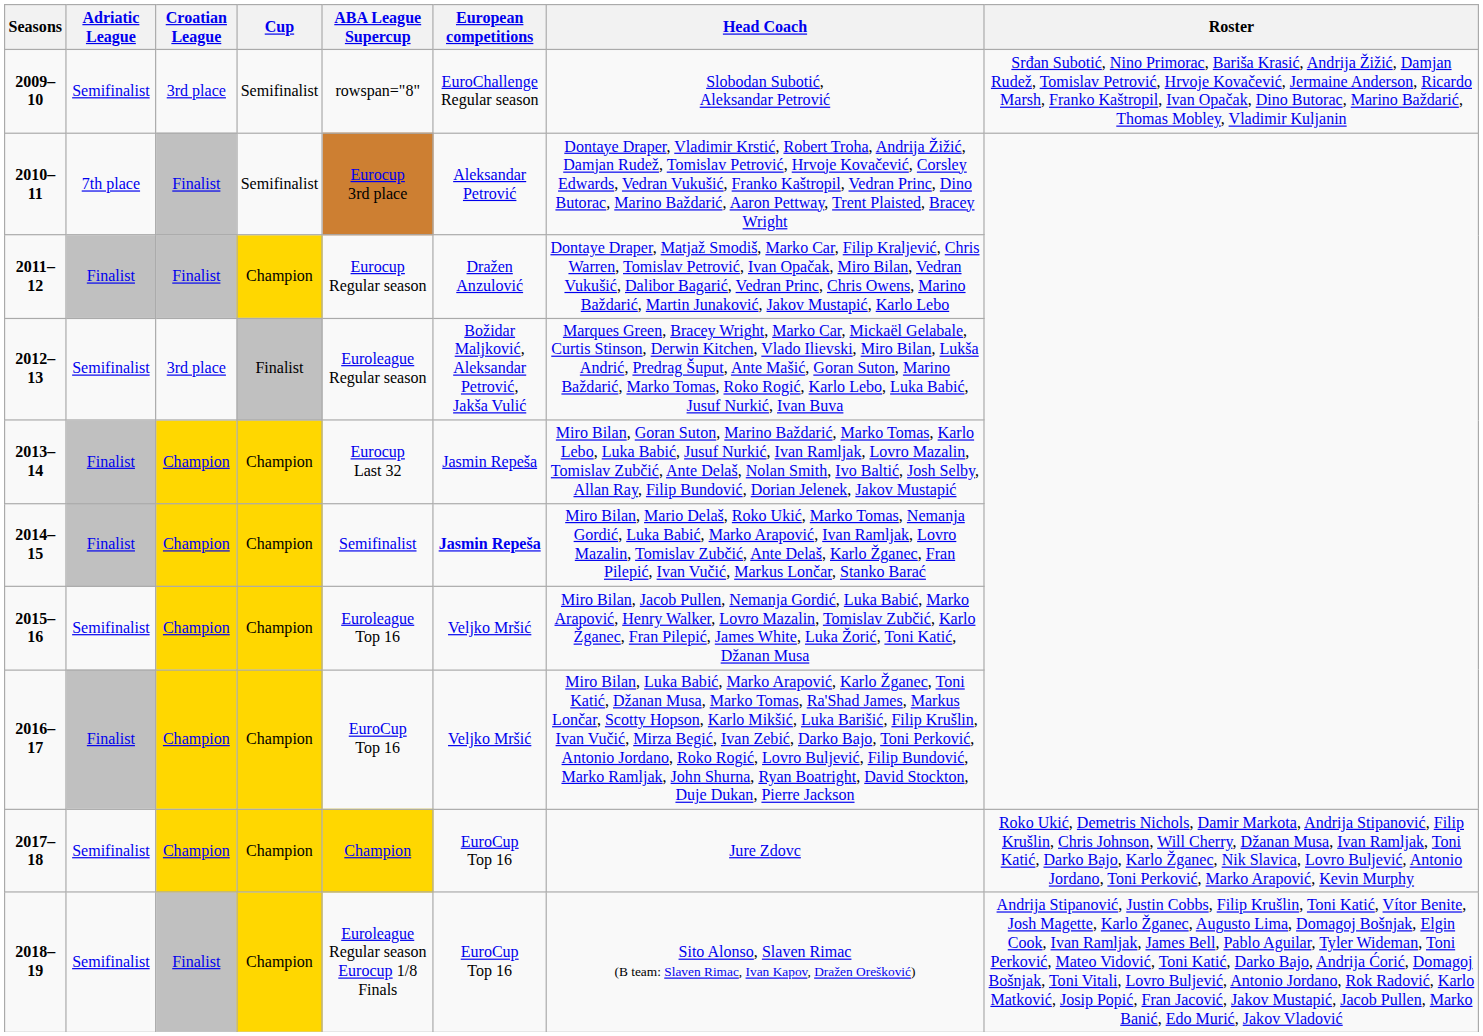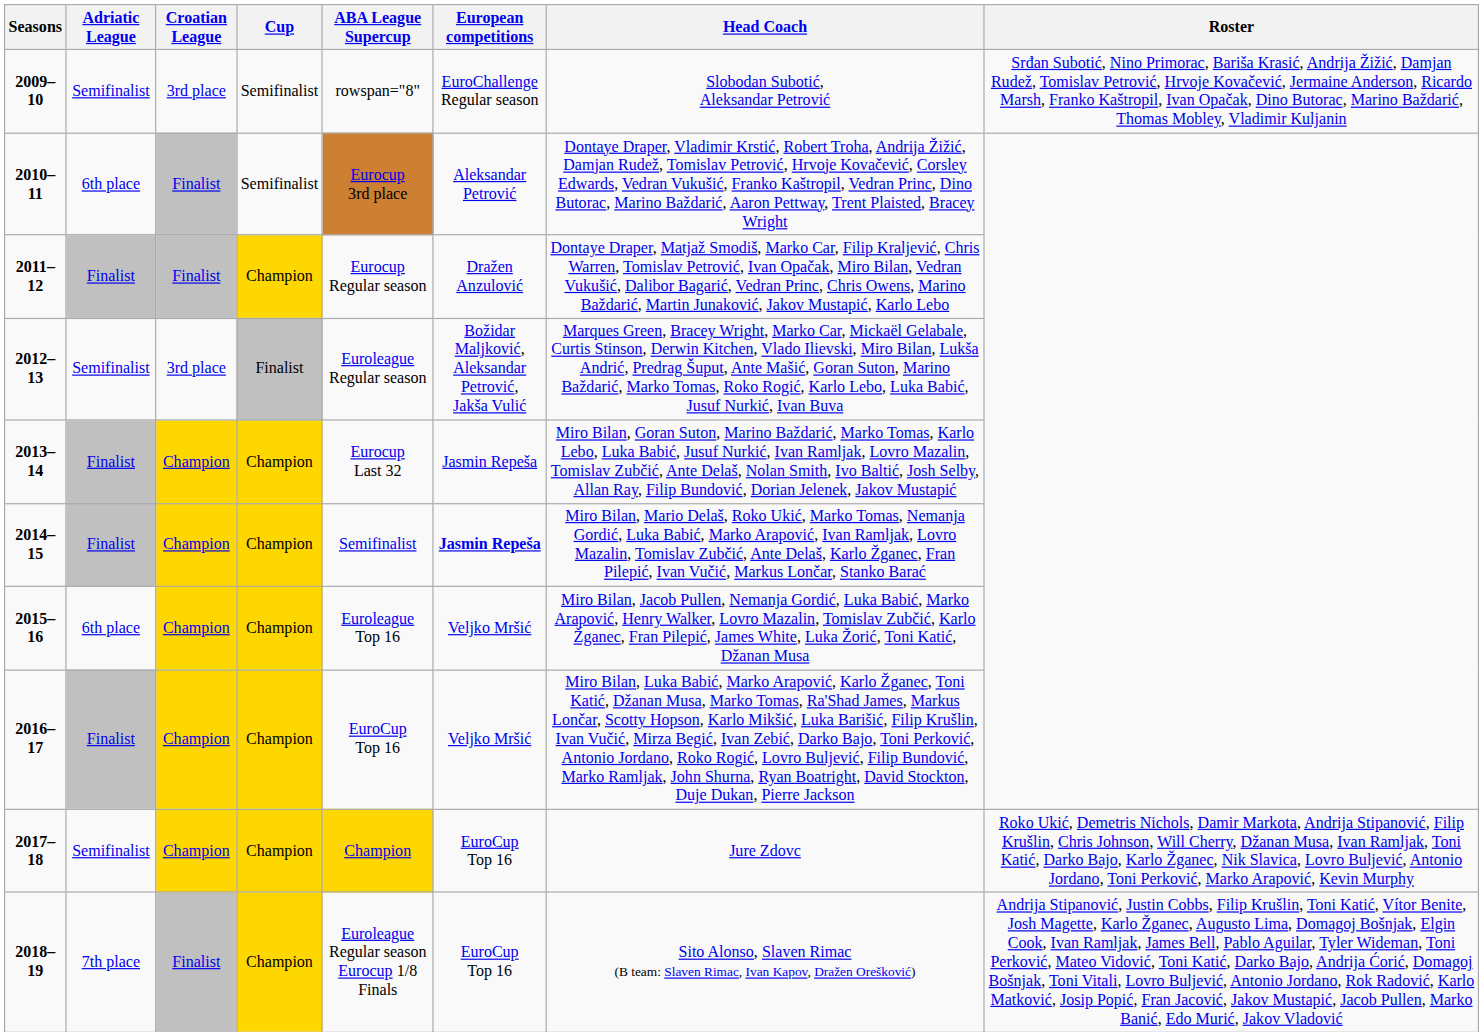 <table class="wikitable" style="text-align: center; font-size:85%">
 <tr>
 <th>Seasons</th>
 <th><a href='#'>Adriatic League</a></th>
 <th><a href='#'>Croatian League</a></th>
 <th><a href='#'>Cup</a></th>
 <th><a href='#'>ABA League Supercup</a></th>
 <th><a href='#'>European competitions</a></th>
 <th><a href='#'>Head Coach</a></th>
 <th>Roster</th>
 </tr>
 <tr>
 <td><strong>2009–10</strong></td>
 <td bgcolor=><a href='#'>Semifinalist</a></td>
 <td><a href='#'>3rd place</a></td>
 <td>Semifinalist</td>
 <td>rowspan="8"</td>
 <td><a href='#'>EuroChallenge</a><br>Regular season</td>
 <td><a href='#'>Slobodan Subotić</a>,<br><a href='#'>Aleksandar Petrović</a></td>
 <td><a href='#'>Srđan Subotić</a>, <a href='#'>Nino Primorac</a>, <a href='#'>Bariša Krasić</a>, <a href='#'>Andrija Žižić</a>, <a href='#'>Damjan Rudež</a>, <a href='#'>Tomislav Petrović</a>, <a href='#'>Hrvoje Kovačević</a>, <a href='#'>Jermaine Anderson</a>, <a href='#'>Ricardo Marsh</a>, <a href='#'>Franko Kaštropil</a>, <a href='#'>Ivan Opačak</a>, <a href='#'>Dino Butorac</a>, <a href='#'>Marino Baždarić</a>, <a href='#'>Thomas Mobley</a>, <a href='#'>Vladimir Kuljanin</a></td>
 </tr>
 <tr>
 <td><strong>2010–11</strong></td>
-<td><a href='#'>7th place</a></td>
+<td><a href='#'>6th place</a></td>
 <td bgcolor= silver><a href='#'>Finalist</a></td>
 <td>Semifinalist</td>
 <td bgcolor= #CD7F32><a href='#'>Eurocup</a><br>3rd place</td>
 <td><a href='#'>Aleksandar Petrović</a></td>
 <td><a href='#'>Dontaye Draper</a>, <a href='#'>Vladimir Krstić</a>, <a href='#'>Robert Troha</a>, <a href='#'>Andrija Žižić</a>, <a href='#'>Damjan Rudež</a>, <a href='#'>Tomislav Petrović</a>, <a href='#'>Hrvoje Kovačević</a>, <a href='#'>Corsley Edwards</a>, <a href='#'>Vedran Vukušić</a>, <a href='#'>Franko Kaštropil</a>, <a href='#'>Vedran Princ</a>, <a href='#'>Dino Butorac</a>, <a href='#'>Marino Baždarić</a>, <a href='#'>Aaron Pettway</a>, <a href='#'>Trent Plaisted</a>, <a href='#'>Bracey Wright</a></td>
 </tr>
 <tr>
 <td><strong>2011–12</strong></td>
 <td bgcolor= silver><a href='#'>Finalist</a></td>
 <td bgcolor= silver><a href='#'>Finalist</a></td>
 <td bgcolor= gold>Champion</td>
 <td><a href='#'>Eurocup</a><br>Regular season</td>
 <td><a href='#'>Dražen Anzulović</a></td>
 <td><a href='#'>Dontaye Draper</a>, <a href='#'>Matjaž Smodiš</a>, <a href='#'>Marko Car</a>, <a href='#'>Filip Kraljević</a>, <a href='#'>Chris Warren</a>, <a href='#'>Tomislav Petrović</a>, <a href='#'>Ivan Opačak</a>, <a href='#'>Miro Bilan</a>, <a href='#'>Vedran Vukušić</a>, <a href='#'>Dalibor Bagarić</a>, <a href='#'>Vedran Princ</a>, <a href='#'>Chris Owens</a>, <a href='#'>Marino Baždarić</a>, <a href='#'>Martin Junaković</a>, <a href='#'>Jakov Mustapić</a>, <a href='#'>Karlo Lebo</a></td>
 </tr>
 <tr>
 <td><strong>2012–13</strong></td>
 <td bgcolor=><a href='#'>Semifinalist</a></td>
 <td><a href='#'>3rd place</a></td>
 <td bgcolor= silver>Finalist</td>
 <td><a href='#'>Euroleague</a><br>Regular season</td>
 <td><a href='#'>Božidar Maljković</a>,<br><a href='#'>Aleksandar Petrović</a>,<br><a href='#'>Jakša Vulić</a></td>
 <td><a href='#'>Marques Green</a>, <a href='#'>Bracey Wright</a>, <a href='#'>Marko Car</a>, <a href='#'>Mickaël Gelabale</a>, <a href='#'>Curtis Stinson</a>, <a href='#'>Derwin Kitchen</a>, <a href='#'>Vlado Ilievski</a>, <a href='#'>Miro Bilan</a>, <a href='#'>Lukša Andrić</a>, <a href='#'>Predrag Šuput</a>, <a href='#'>Ante Mašić</a>, <a href='#'>Goran Suton</a>, <a href='#'>Marino Baždarić</a>, <a href='#'>Marko Tomas</a>, <a href='#'>Roko Rogić</a>, <a href='#'>Karlo Lebo</a>, <a href='#'>Luka Babić</a>, <a href='#'>Jusuf Nurkić</a>, <a href='#'>Ivan Buva</a></td>
 </tr>
 <tr>
 <td><strong>2013–14</strong></td>
 <td bgcolor= silver><a href='#'>Finalist</a></td>
 <td bgcolor= gold><a href='#'>Champion</a></td>
 <td bgcolor= gold>Champion</td>
 <td><a href='#'>Eurocup</a><br>Last 32</td>
 <td><a href='#'>Jasmin Repeša</a></td>
 <td><a href='#'>Miro Bilan</a>, <a href='#'>Goran Suton</a>, <a href='#'>Marino Baždarić</a>, <a href='#'>Marko Tomas</a>, <a href='#'>Karlo Lebo</a>, <a href='#'>Luka Babić</a>, <a href='#'>Jusuf Nurkić</a>, <a href='#'>Ivan Ramljak</a>, <a href='#'>Lovro Mazalin</a>, <a href='#'>Tomislav Zubčić</a>, <a href='#'>Ante Delaš</a>, <a href='#'>Nolan Smith</a>, <a href='#'>Ivo Baltić</a>, <a href='#'>Josh Selby</a>, <a href='#'>Allan Ray</a>, <a href='#'>Filip Bundović</a>, <a href='#'>Dorian Jelenek</a>, <a href='#'>Jakov Mustapić</a></td>
 </tr>
 <tr>
 <td><strong>2014–15</strong></td>
 <td bgcolor= silver><a href='#'>Finalist</a></td>
 <td bgcolor= gold><a href='#'>Champion</a></td>
 <td bgcolor= gold>Champion</td>
 <td bgcolor=><a href='#'>Semifinalist</a></td>
 <td><strong><a href='#'>Jasmin Repeša</a></strong></td>
 <td><a href='#'>Miro Bilan</a>, <a href='#'>Mario Delaš</a>, <a href='#'>Roko Ukić</a>, <a href='#'>Marko Tomas</a>, <a href='#'>Nemanja Gordić</a>, <a href='#'>Luka Babić</a>, <a href='#'>Marko Arapović</a>, <a href='#'>Ivan Ramljak</a>, <a href='#'>Lovro Mazalin</a>, <a href='#'>Tomislav Zubčić</a>, <a href='#'>Ante Delaš</a>, <a href='#'>Karlo Žganec</a>, <a href='#'>Fran Pilepić</a>, <a href='#'>Ivan Vučić</a>, <a href='#'>Markus Lončar</a>, <a href='#'>Stanko Barać</a></td>
 </tr>
 <tr>
 <td><strong>2015–16</strong></td>
-<td><a href='#'>Semifinalist</a></td>
+<td><a href='#'>6th place</a></td>
 <td bgcolor= gold><a href='#'>Champion</a></td>
 <td bgcolor= gold>Champion</td>
 <td><a href='#'>Euroleague</a><br>Top 16</td>
 <td><a href='#'>Veljko Mršić</a></td>
 <td><a href='#'>Miro Bilan</a>, <a href='#'>Jacob Pullen</a>, <a href='#'>Nemanja Gordić</a>, <a href='#'>Luka Babić</a>, <a href='#'>Marko Arapović</a>, <a href='#'>Henry Walker</a>, <a href='#'>Lovro Mazalin</a>, <a href='#'>Tomislav Zubčić</a>, <a href='#'>Karlo Žganec</a>, <a href='#'>Fran Pilepić</a>, <a href='#'>James White</a>, <a href='#'>Luka Žorić</a>, <a href='#'>Toni Katić</a>, <a href='#'>Džanan Musa</a></td>
 </tr>
 <tr>
 <td><strong>2016–17</strong></td>
 <td bgcolor= silver><a href='#'>Finalist</a></td>
 <td bgcolor= gold><a href='#'>Champion</a></td>
 <td bgcolor= gold>Champion</td>
 <td><a href='#'>EuroCup</a><br>Top 16</td>
 <td><a href='#'>Veljko Mršić</a></td>
 <td><a href='#'>Miro Bilan</a>, <a href='#'>Luka Babić</a>, <a href='#'>Marko Arapović</a>, <a href='#'>Karlo Žganec</a>, <a href='#'>Toni Katić</a>, <a href='#'>Džanan Musa</a>, <a href='#'>Marko Tomas</a>, <a href='#'>Ra'Shad James</a>, <a href='#'>Markus Lončar</a>, <a href='#'>Scotty Hopson</a>, <a href='#'>Karlo Mikšić</a>, <a href='#'>Luka Barišić</a>, <a href='#'>Filip Krušlin</a>, <a href='#'>Ivan Vučić</a>, <a href='#'>Mirza Begić</a>, <a href='#'>Ivan Zebić</a>, <a href='#'>Darko Bajo</a>, <a href='#'>Toni Perković</a>, <a href='#'>Antonio Jordano</a>, <a href='#'>Roko Rogić</a>, <a href='#'>Lovro Buljević</a>, <a href='#'>Filip Bundović</a>, <a href='#'>Marko Ramljak</a>, <a href='#'>John Shurna</a>, <a href='#'>Ryan Boatright</a>, <a href='#'>David Stockton</a>, <a href='#'>Duje Dukan</a>, <a href='#'>Pierre Jackson</a></td>
 </tr>
 <tr>
 <td><strong>2017–18</strong></td>
 <td bgcolor=><a href='#'>Semifinalist</a></td>
 <td bgcolor= gold><a href='#'>Champion</a></td>
 <td bgcolor= gold>Champion</td>
 <td bgcolor= gold><a href='#'>Champion</a></td>
 <td><a href='#'>EuroCup</a><br>Top 16</td>
 <td><a href='#'>Jure Zdovc</a></td>
 <td><a href='#'>Roko Ukić</a>, <a href='#'>Demetris Nichols</a>, <a href='#'>Damir Markota</a>, <a href='#'>Andrija Stipanović</a>, <a href='#'>Filip Krušlin</a>, <a href='#'>Chris Johnson</a>, <a href='#'>Will Cherry</a>, <a href='#'>Džanan Musa</a>, <a href='#'>Ivan Ramljak</a>, <a href='#'>Toni Katić</a>, <a href='#'>Darko Bajo</a>, <a href='#'>Karlo Žganec</a>, <a href='#'>Nik Slavica</a>, <a href='#'>Lovro Buljević</a>, <a href='#'>Antonio Jordano</a>, <a href='#'>Toni Perković</a>, <a href='#'>Marko Arapović</a>, <a href='#'>Kevin Murphy</a></td>
 </tr>
 <tr>
 <td><strong>2018–19</strong></td>
-<td bgcolor=><a href='#'>Semifinalist</a></td>
+<td><a href='#'>7th place</a></td>
 <td bgcolor= silver><a href='#'>Finalist</a></td>
 <td bgcolor= gold>Champion</td>
 <td><a href='#'>Euroleague</a><br>Regular season <a href='#'>Eurocup</a> 1/8 Finals</td>
 <td><a href='#'>EuroCup</a><br>Top 16</td>
 <td><a href='#'>Sito Alonso</a>, <a href='#'>Slaven Rimac</a><br><small>(B team: <a href='#'>Slaven Rimac</a>, <a href='#'>Ivan Kapov</a>, <a href='#'>Dražen Orešković</a>)</small></td>
 <td><a href='#'>Andrija Stipanović</a>, <a href='#'>Justin Cobbs</a>, <a href='#'>Filip Krušlin</a>, <a href='#'>Toni Katić</a>, <a href='#'>Vítor Benite</a>, <a href='#'>Josh Magette</a>, <a href='#'>Karlo Žganec</a>, <a href='#'>Augusto Lima</a>, <a href='#'>Domagoj Bošnjak</a>, <a href='#'>Elgin Cook</a>, <a href='#'>Ivan Ramljak</a>, <a href='#'>James Bell</a>, <a href='#'>Pablo Aguilar</a>, <a href='#'>Tyler Wideman</a>, <a href='#'>Toni Perković</a>, <a href='#'>Mateo Vidović</a>, <a href='#'>Toni Katić</a>, <a href='#'>Darko Bajo</a>, <a href='#'>Andrija Ćorić</a>, <a href='#'>Domagoj Bošnjak</a>, <a href='#'>Toni Vitali</a>, <a href='#'>Lovro Buljević</a>, <a href='#'>Antonio Jordano</a>, <a href='#'>Rok Radović</a>, <a href='#'>Karlo Matković</a>, <a href='#'>Josip Popić</a>, <a href='#'>Fran Jacović</a>, <a href='#'>Jakov Mustapić</a>, <a href='#'>Jacob Pullen</a>, <a href='#'>Marko Banić</a>, <a href='#'>Edo Murić</a>, <a href='#'>Jakov Vladović</a></td>
 </tr>
 </table>
